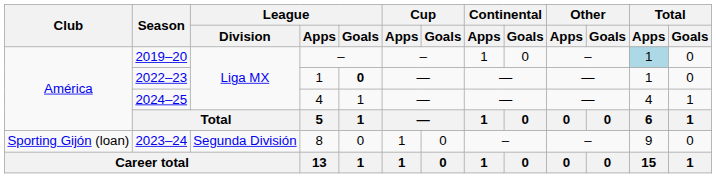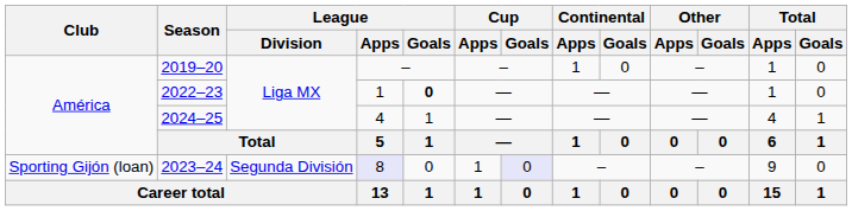 <table class="wikitable" style="text-align: center">
 <tr>
 <th rowspan="2">Club</th>
 <th rowspan="2">Season</th>
 <th colspan="3">League</th>
 <th colspan="2">Cup</th>
 <th colspan="2">Continental</th>
 <th colspan="2">Other</th>
 <th colspan="2">Total</th>
 </tr>
 <tr>
 <th>Division</th>
 <th>Apps</th>
 <th>Goals</th>
 <th>Apps</th>
 <th>Goals</th>
 <th>Apps</th>
 <th>Goals</th>
 <th>Apps</th>
 <th>Goals</th>
 <th>Apps</th>
 <th>Goals</th>
 </tr>
 <tr>
 <td rowspan="4"><a href='#'>América</a></td>
 <td><a href='#'>2019–20</a></td>
 <td rowspan="3"><a href='#'>Liga MX</a></td>
 <td colspan="2">–</td>
 <td colspan="2">–</td>
 <td>1</td>
 <td>0</td>
 <td colspan="2">–</td>
-<td style="background: lightblue;">1</td>
+<td>1</td>
 <td>0</td>
 </tr>
 <tr>
 <td><a href='#'>2022–23</a></td>
 <td>1</td>
 <td><strong>0</strong></td>
 <td colspan="2">—</td>
 <td colspan="2">—</td>
 <td colspan="2">—</td>
 <td>1</td>
 <td>0</td>
 </tr>
 <tr>
 <td><a href='#'>2024–25</a></td>
 <td>4</td>
 <td>1</td>
 <td colspan="2">—</td>
 <td colspan="2">—</td>
 <td colspan="2">—</td>
 <td>4</td>
 <td>1</td>
 </tr>
 <tr>
 <th colspan="2">Total</th>
 <th>5</th>
 <th>1</th>
 <th colspan="2">—</th>
 <th>1</th>
 <th>0</th>
 <th>0</th>
 <th>0</th>
 <th>6</th>
 <th>1</th>
 </tr>
 <tr>
 <td><a href='#'>Sporting Gijón</a> (loan)</td>
 <td><a href='#'>2023–24</a></td>
 <td><a href='#'>Segunda División</a></td>
-<td>8</td>
+<td style="background: lavender;">8</td>
 <td>0</td>
 <td>1</td>
-<td>0</td>
+<td style="background: lavender;">0</td>
 <td colspan="2">–</td>
 <td colspan="2">–</td>
 <td>9</td>
 <td>0</td>
 </tr>
 <tr>
 <th colspan="3"><strong>Career total</strong></th>
 <th>13</th>
 <th>1</th>
 <th>1</th>
 <th>0</th>
 <th>1</th>
 <th>0</th>
 <th>0</th>
 <th>0</th>
 <th>15</th>
 <th>1</th>
 </tr>
 </table>
